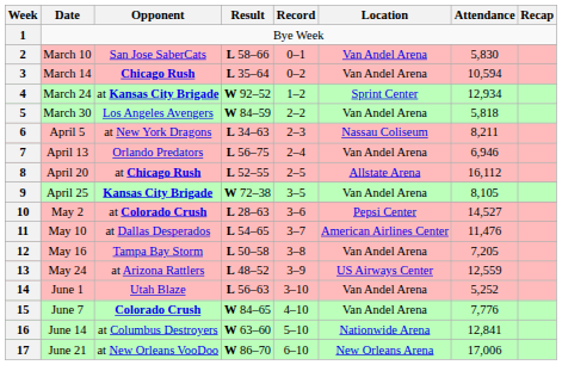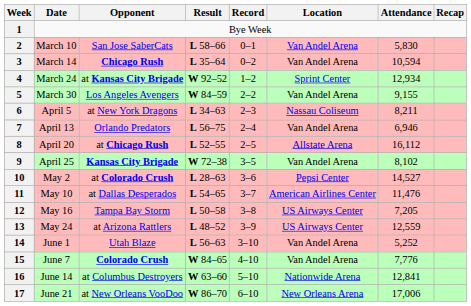 <table class="wikitable" style="text-align:center">
 <tr>
 <th>Week</th>
 <th>Date</th>
 <th>Opponent</th>
 <th>Result</th>
 <th>Record</th>
 <th>Location</th>
 <th>Attendance</th>
 <th>Recap</th>
 </tr>
 <tr>
 <th>1</th>
 <td colspan=7>Bye Week</td>
 </tr>
 <tr bgcolor="#ffbbbb">
 <th>2</th>
 <td>March 10</td>
 <td><a href='#'>San Jose SaberCats</a></td>
 <td><strong>L</strong> 58–66</td>
 <td>0–1</td>
 <td><a href='#'>Van Andel Arena</a></td>
 <td>5,830</td>
 <td></td>
 </tr>
 <tr bgcolor="#ffbbbb">
 <th>3</th>
 <td>March 14</td>
 <td><strong><a href='#'>Chicago Rush</a></strong></td>
 <td><strong>L</strong> 35–64</td>
 <td>0–2</td>
 <td>Van Andel Arena</td>
 <td>10,594</td>
 <td></td>
 </tr>
 <tr bgcolor="#bbffbb">
 <th>4</th>
 <td>March 24</td>
 <td>at <strong><a href='#'>Kansas City Brigade</a></strong></td>
 <td><strong>W</strong> 92–52</td>
 <td>1–2</td>
 <td><a href='#'>Sprint Center</a></td>
 <td>12,934</td>
 <td></td>
 </tr>
 <tr bgcolor="#bbffbb">
 <th>5</th>
 <td>March 30</td>
 <td><a href='#'>Los Angeles Avengers</a></td>
 <td><strong>W</strong> 84–59</td>
 <td>2–2</td>
 <td>Van Andel Arena</td>
-<td>5,818</td>
+<td>9,155</td>
 <td></td>
 </tr>
 <tr bgcolor="#ffbbbb">
 <th>6</th>
 <td>April 5</td>
 <td>at <a href='#'>New York Dragons</a></td>
 <td><strong>L</strong> 34–63</td>
 <td>2–3</td>
 <td><a href='#'>Nassau Coliseum</a></td>
 <td>8,211</td>
 <td></td>
 </tr>
 <tr bgcolor="#ffbbbb">
 <th>7</th>
 <td>April 13</td>
 <td><a href='#'>Orlando Predators</a></td>
 <td><strong>L</strong> 56–75</td>
 <td>2–4</td>
 <td>Van Andel Arena</td>
 <td>6,946</td>
 <td></td>
 </tr>
 <tr bgcolor="#ffbbbb">
 <th>8</th>
 <td>April 20</td>
 <td>at <strong><a href='#'>Chicago Rush</a></strong></td>
 <td><strong>L</strong> 52–55</td>
 <td>2–5</td>
 <td><a href='#'>Allstate Arena</a></td>
 <td>16,112</td>
 <td></td>
 </tr>
 <tr bgcolor="#bbffbb">
 <th>9</th>
 <td>April 25</td>
 <td><strong><a href='#'>Kansas City Brigade</a></strong></td>
 <td><strong>W</strong> 72–38</td>
 <td>3–5</td>
 <td>Van Andel Arena</td>
-<td>8,105</td>
+<td>8,102</td>
 <td></td>
 </tr>
 <tr bgcolor="#ffbbbb">
 <th>10</th>
 <td>May 2</td>
 <td>at <strong><a href='#'>Colorado Crush</a></strong></td>
 <td><strong>L</strong> 28–63</td>
 <td>3–6</td>
 <td><a href='#'>Pepsi Center</a></td>
 <td>14,527</td>
 <td></td>
 </tr>
 <tr bgcolor="#ffbbbb">
 <th>11</th>
 <td>May 10</td>
 <td>at <a href='#'>Dallas Desperados</a></td>
 <td><strong>L</strong> 54–65</td>
 <td>3–7</td>
 <td><a href='#'>American Airlines Center</a></td>
 <td>11,476</td>
 <td></td>
 </tr>
 <tr bgcolor="#ffbbbb">
 <th>12</th>
 <td>May 16</td>
 <td><a href='#'>Tampa Bay Storm</a></td>
 <td><strong>L</strong> 50–58</td>
 <td>3–8</td>
-<td>Van Andel Arena</td>
+<td><a href='#'>US Airways Center</a></td>
 <td>7,205</td>
 <td></td>
 </tr>
 <tr bgcolor="#ffbbbb">
 <th>13</th>
 <td>May 24</td>
 <td>at <a href='#'>Arizona Rattlers</a></td>
 <td><strong>L</strong> 48–52</td>
 <td>3–9</td>
 <td><a href='#'>US Airways Center</a></td>
 <td>12,559</td>
 <td></td>
 </tr>
 <tr bgcolor="#ffbbbb">
 <th>14</th>
 <td>June 1</td>
 <td><a href='#'>Utah Blaze</a></td>
 <td><strong>L</strong> 56–63</td>
 <td>3–10</td>
 <td>Van Andel Arena</td>
 <td>5,252</td>
 <td></td>
 </tr>
 <tr bgcolor="#bbffbb">
 <th>15</th>
 <td>June 7</td>
 <td><strong><a href='#'>Colorado Crush</a></strong></td>
 <td><strong>W</strong> 84–65</td>
 <td>4–10</td>
 <td>Van Andel Arena</td>
 <td>7,776</td>
 <td></td>
 </tr>
 <tr bgcolor="#bbffbb">
 <th>16</th>
 <td>June 14</td>
 <td>at <a href='#'>Columbus Destroyers</a></td>
 <td><strong>W</strong> 63–60</td>
 <td>5–10</td>
 <td><a href='#'>Nationwide Arena</a></td>
 <td>12,841</td>
 <td></td>
 </tr>
 <tr bgcolor="#bbffbb">
 <th>17</th>
 <td>June 21</td>
 <td>at <a href='#'>New Orleans VooDoo</a></td>
 <td><strong>W</strong> 86–70</td>
 <td>6–10</td>
 <td><a href='#'>New Orleans Arena</a></td>
 <td>17,006</td>
 <td></td>
 </tr>
 </table>
